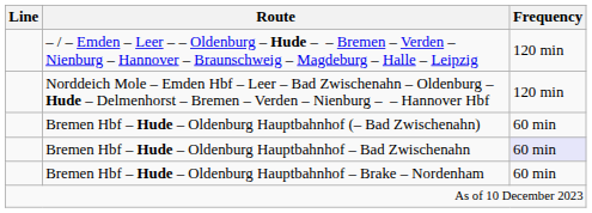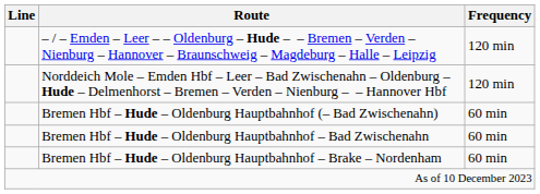 <table class="wikitable">
 <tr>
 <th>Line</th>
 <th>Route</th>
 <th>Frequency</th>
 </tr>
 <tr>
 <td align="center"></td>
 <td> – /  – <a href='#'>Emden</a> – <a href='#'>Leer</a> –  – <a href='#'>Oldenburg</a> – <strong>Hude</strong> –  – <a href='#'>Bremen</a> – <a href='#'>Verden</a> – <a href='#'>Nienburg</a> – <a href='#'>Hannover</a> – <a href='#'>Braunschweig</a> – <a href='#'>Magdeburg</a> – <a href='#'>Halle</a> – <a href='#'>Leipzig</a></td>
 <td>120 min</td>
 </tr>
 <tr>
 <td align="center"></td>
 <td>Norddeich Mole – Emden Hbf – Leer – Bad Zwischenahn – Oldenburg – <strong>Hude</strong> – Delmenhorst – Bremen – Verden – Nienburg –  – Hannover Hbf</td>
 <td>120 min</td>
 </tr>
 <tr>
 <td align="center"></td>
 <td>Bremen Hbf – <strong>Hude</strong> – Oldenburg Hauptbahnhof (– Bad Zwischenahn)</td>
 <td>60 min</td>
 </tr>
 <tr>
 <td align="center"></td>
 <td>Bremen Hbf – <strong>Hude</strong> – Oldenburg Hauptbahnhof – Bad Zwischenahn</td>
-<td style="background: lavender;">60 min</td>
+<td>60 min</td>
 </tr>
 <tr>
 <td align="center"></td>
 <td>Bremen Hbf – <strong>Hude</strong> – Oldenburg Hauptbahnhof – Brake – Nordenham</td>
 <td>60 min</td>
 </tr>
 <tr>
 <td colspan="4" style="text-align:right; font-size:smaller;">As of 10 December 2023</td>
 </tr>
 </table>
